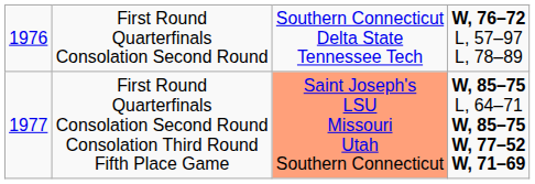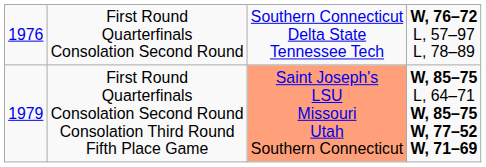 <table class="wikitable">
 <tr align="center">
 <td><a href='#'>1976</a></td>
 <td>First Round<br>Quarterfinals<br>Consolation Second Round</td>
 <td><a href='#'>Southern Connecticut</a><br><a href='#'>Delta State</a><br><a href='#'>Tennessee Tech</a></td>
 <td><strong>W, 76–72</strong><br>L, 57–97<br>L, 78–89</td>
 </tr>
 <tr align="center">
-<td><a href='#'>1977</a></td>
+<td><a href='#'>1979</a></td>
 <td>First Round<br>Quarterfinals<br>Consolation Second Round<br>Consolation Third Round<br>Fifth Place Game</td>
 <td style="background: lightsalmon;"><a href='#'>Saint Joseph's</a><br><a href='#'>LSU</a><br><a href='#'>Missouri</a><br><a href='#'>Utah</a><br>Southern Connecticut</td>
 <td><strong>W, 85–75</strong><br>L, 64–71<br><strong>W, 85–75</strong><br><strong>W, 77–52</strong><br><strong>W, 71–69</strong></td>
 </tr>
 </table>
